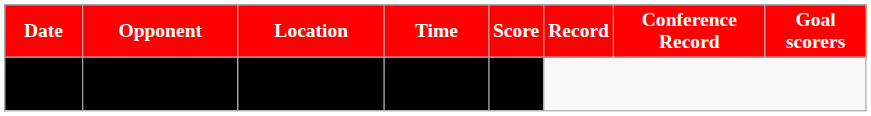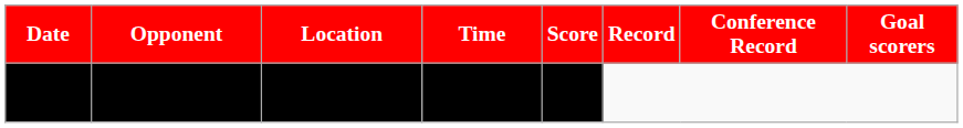 <table class="wikitable" width="80%">
 <tr align="center"  style="background:red;color:#FFFFFF;">
 <td><strong>Date</strong></td>
 <td><strong>Opponent</strong></td>
 <td><strong>Location</strong></td>
 <td><strong>Time</strong></td>
 <td><strong>Score</strong></td>
 <td><strong>Record</strong></td>
 <td><strong>Conference Record</strong></td>
 <td><strong>Goal scorers</strong></td>
 </tr>
 <tr align="center" bgcolor=" ">
 <td>09/24/11</td>
 <td>vs. Ottawa (PWHL) ^</td>
 <td>Walter Brown Arena</td>
-<td>3:00 p.m. ET</td>
+<td><strong>3:00 p.m. ET</strong></td>
 <td></td>
 </tr>
 </table>
